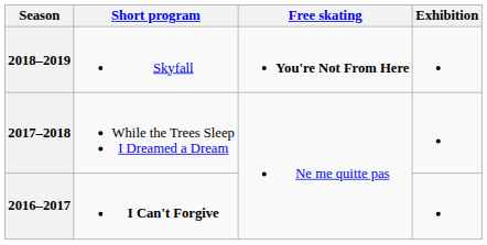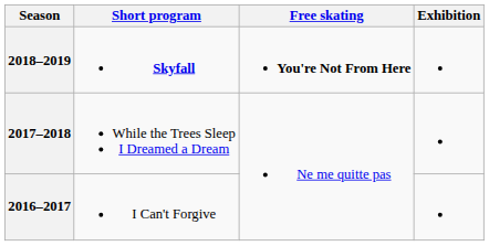 <table class=wikitable style=text-align:center>
 <tr>
 <th>Season</th>
 <th><a href='#'>Short program</a></th>
 <th><a href='#'>Free skating</a></th>
 <th>Exhibition</th>
 </tr>
 <tr>
 <th>2018–2019 <br> </th>
-<td><br><ul><li><a href='#'>Skyfall</a> <br></li></ul></td>
+<td><strong><br><ul><li><a href='#'>Skyfall</a> <br></li></ul></strong></td>
 <td><strong><br><ul><li>You're Not From Here <br></li></ul></strong></td>
 <td><br><ul><li></li></ul></td>
 </tr>
 <tr>
 <th>2017–2018 <br> </th>
 <td><br><ul><li>While the Trees Sleep <br></li><li><a href='#'>I Dreamed a Dream</a> <br></li></ul></td>
 <td rowspan=2><br><ul><li><a href='#'>Ne me quitte pas</a> <br></li></ul></td>
 <td><br><ul><li></li></ul></td>
 </tr>
 <tr>
 <th>2016–2017</th>
-<td><strong><br><ul><li>I Can't Forgive <br></li></ul></strong></td>
+<td><br><ul><li>I Can't Forgive <br></li></ul></td>
 <td><br><ul><li></li></ul></td>
 </tr>
 </table>
